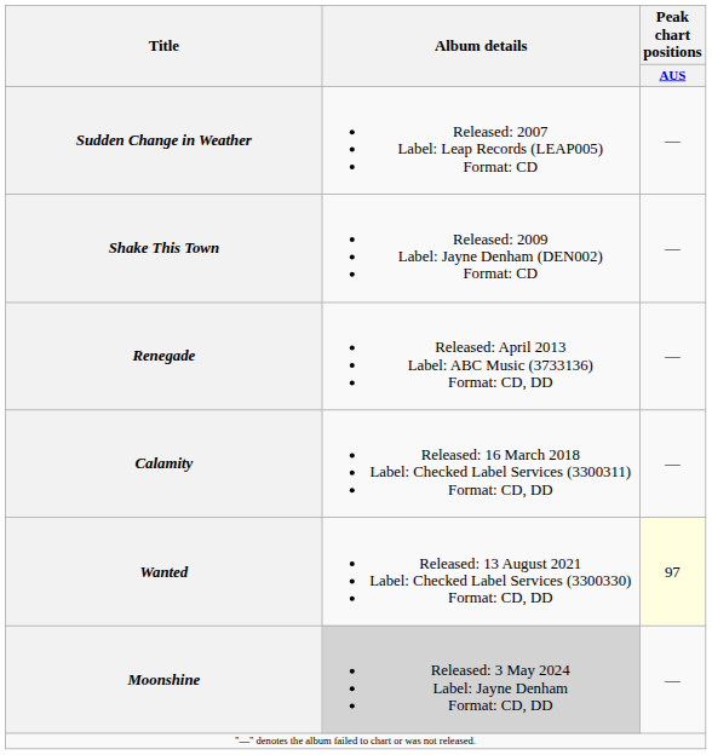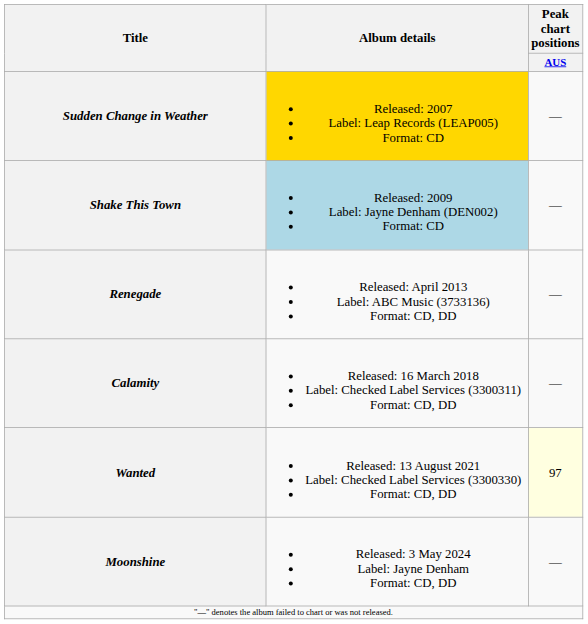 <table class="wikitable plainrowheaders" style="text-align:center;" border="1">
 <tr>
 <th scope="col" rowspan="2" style="width:20em;">Title</th>
 <th scope="col" rowspan="2" style="width:20em;">Album details</th>
 <th scope="col" colspan="1">Peak chart<br>positions</th>
 </tr>
 <tr>
 <th style="width:3em;font-size:85%"><a href='#'>AUS</a><br></th>
 </tr>
 <tr>
 <th scope="row"><em>Sudden Change in Weather</em></th>
-<td><br><ul><li>Released: 2007</li><li>Label: Leap Records (LEAP005)</li><li>Format: CD</li></ul></td>
+<td style="background: gold;"><br><ul><li>Released: 2007</li><li>Label: Leap Records (LEAP005)</li><li>Format: CD</li></ul></td>
 <td>—</td>
 </tr>
 <tr>
 <th scope="row"><em>Shake This Town</em></th>
-<td><br><ul><li>Released: 2009</li><li>Label: Jayne Denham (DEN002)</li><li>Format: CD</li></ul></td>
+<td style="background: lightblue;"><br><ul><li>Released: 2009</li><li>Label: Jayne Denham (DEN002)</li><li>Format: CD</li></ul></td>
 <td>—</td>
 </tr>
 <tr>
 <th scope="row"><em>Renegade</em></th>
 <td><br><ul><li>Released: April 2013</li><li>Label: ABC Music (3733136)</li><li>Format: CD, DD</li></ul></td>
 <td>—</td>
 </tr>
 <tr>
 <th scope="row"><em>Calamity</em></th>
 <td><br><ul><li>Released: 16 March 2018</li><li>Label: Checked Label Services (3300311)</li><li>Format: CD, DD</li></ul></td>
 <td>—</td>
 </tr>
 <tr>
 <th scope="row"><em>Wanted</em></th>
 <td><br><ul><li>Released: 13 August 2021</li><li>Label: Checked Label Services (3300330)</li><li>Format: CD, DD</li></ul></td>
 <td style="background: lightyellow;">97</td>
 </tr>
 <tr>
 <th scope="row"><em>Moonshine</em></th>
-<td style="background: lightgrey;"><br><ul><li>Released: 3 May 2024</li><li>Label: Jayne Denham</li><li>Format: CD, DD</li></ul></td>
+<td><br><ul><li>Released: 3 May 2024</li><li>Label: Jayne Denham</li><li>Format: CD, DD</li></ul></td>
 <td>—</td>
 </tr>
 <tr>
 <td colspan="20" style="font-size:8pt">"—" denotes the album failed to chart or was not released.</td>
 </tr>
 </table>
